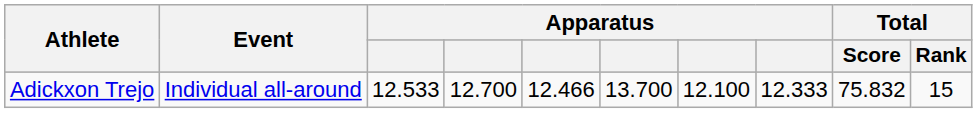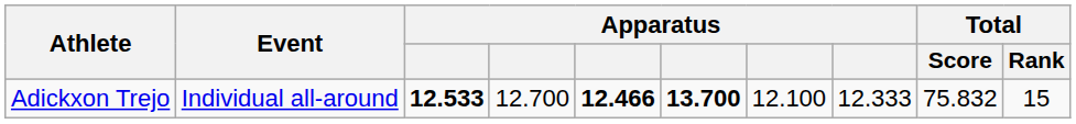 <table class=wikitable style=font-size:90%;text-align:center>
 <tr>
 <th rowspan=2>Athlete</th>
 <th rowspan=2>Event</th>
 <th colspan=6>Apparatus</th>
 <th colspan=2>Total</th>
 </tr>
 <tr style=font-size:95%>
 <th></th>
 <th></th>
 <th></th>
 <th></th>
 <th></th>
 <th></th>
 <th>Score</th>
 <th>Rank</th>
 </tr>
 <tr>
 <td align=left><a href='#'>Adickxon Trejo</a></td>
 <td align=left><a href='#'>Individual all-around</a></td>
-<td>12.533</td>
+<td><strong>12.533</strong></td>
 <td>12.700</td>
-<td>12.466</td>
-<td>13.700</td>
+<td><strong>12.466</strong></td>
+<td><strong>13.700</strong></td>
 <td>12.100</td>
 <td>12.333</td>
 <td>75.832</td>
 <td>15</td>
 </tr>
 </table>
